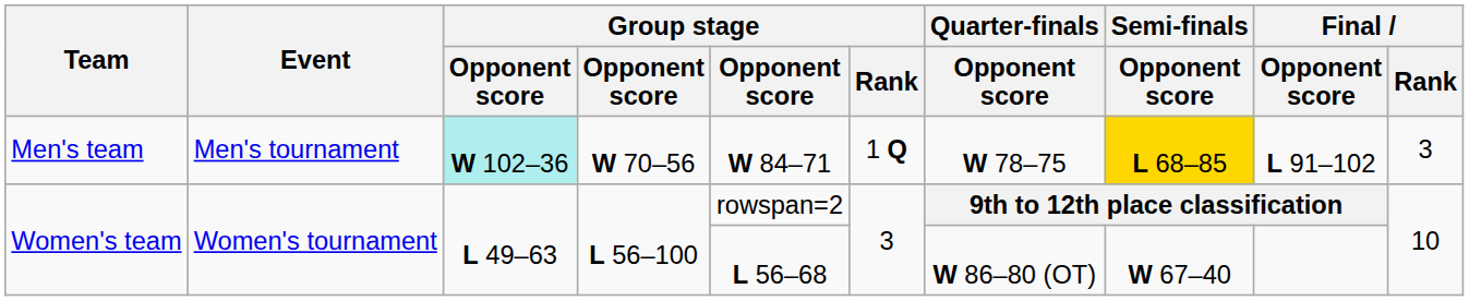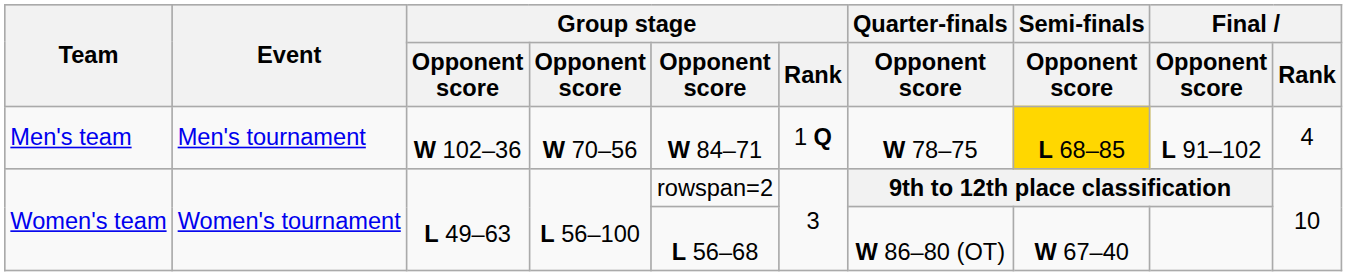 <table class="wikitable" style="font-size:90%; text-align:center">
 <tr>
 <th rowspan="2">Team</th>
 <th rowspan="2">Event</th>
 <th colspan="4">Group stage</th>
 <th>Quarter-finals</th>
 <th>Semi-finals</th>
 <th colspan="2">Final / </th>
 </tr>
 <tr>
 <th>Opponent<br>score</th>
 <th>Opponent<br>score</th>
 <th>Opponent<br>score</th>
 <th>Rank</th>
 <th>Opponent<br>score</th>
 <th>Opponent<br>score</th>
 <th>Opponent<br>score</th>
 <th>Rank</th>
 </tr>
 <tr>
 <td align="left"> <a href='#'>Men's team</a></td>
 <td align="left"><a href='#'>Men's tournament</a></td>
-<td style="background: paleturquoise;"><br><strong>W</strong> 102–36</td>
+<td><br><strong>W</strong> 102–36</td>
 <td><br><strong>W</strong> 70–56</td>
 <td><br><strong>W</strong> 84–71</td>
 <td>1 <strong>Q</strong></td>
 <td><br><strong>W</strong> 78–75</td>
 <td style="background: gold;"><br><strong>L</strong> 68–85</td>
 <td><br><strong>L</strong> 91–102</td>
-<td>3</td>
+<td>4</td>
 </tr>
 <tr>
 <td rowspan=2 align="left"> <a href='#'>Women's team</a></td>
 <td rowspan=2 align="left"><a href='#'>Women's tournament</a></td>
 <td rowspan=2><br><strong>L</strong> 49–63</td>
 <td rowspan=2><br><strong>L</strong> 56–100</td>
 <td>rowspan=2 </td>
 <td rowspan=2>3</td>
 <th colspan=3>9th to 12th place classification</th>
 <td rowspan=2>10</td>
 </tr>
 <tr>
 <td><br><strong>L</strong> 56–68</td>
 <td><br><strong>W</strong> 86–80 (OT)</td>
 <td><br><strong>W</strong> 67–40</td>
 </tr>
 </table>
